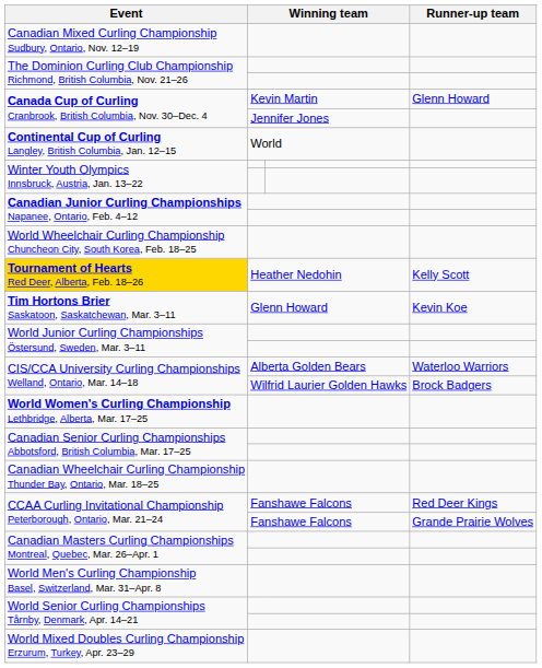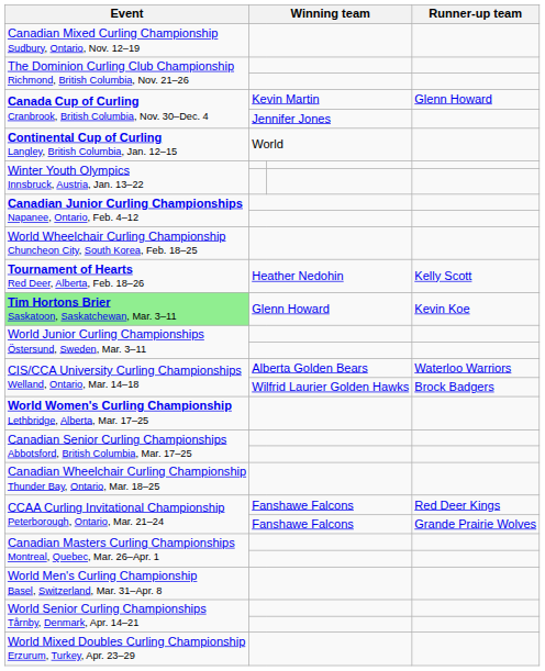 <table class="wikitable">
 <tr>
 <th>Event</th>
 <th colspan=2>Winning team</th>
 <th>Runner-up team</th>
 </tr>
 <tr>
 <td><a href='#'>Canadian Mixed Curling Championship</a> <br> <small><a href='#'>Sudbury</a>, <a href='#'>Ontario</a>, Nov. 12–19</small></td>
 <td colspan=2></td>
 <td></td>
 </tr>
 <tr>
 <td rowspan=2><a href='#'>The Dominion Curling Club Championship</a> <br> <small><a href='#'>Richmond</a>, <a href='#'>British Columbia</a>, Nov. 21–26</small></td>
 <td colspan=2></td>
 <td></td>
 </tr>
 <tr>
 <td colspan=2></td>
 <td></td>
 </tr>
 <tr>
 <td rowspan=2><strong><a href='#'>Canada Cup of Curling</a></strong> <br> <small><a href='#'>Cranbrook</a>, <a href='#'>British Columbia</a>, Nov. 30–Dec. 4</small></td>
 <td colspan=2> <a href='#'>Kevin Martin</a></td>
 <td> <a href='#'>Glenn Howard</a></td>
 </tr>
 <tr>
 <td colspan=2> <a href='#'>Jennifer Jones</a></td>
 <td></td>
 </tr>
 <tr>
 <td><strong><a href='#'>Continental Cup of Curling</a></strong> <br> <small><a href='#'>Langley</a>, <a href='#'>British Columbia</a>, Jan. 12–15</small></td>
 <td colspan=2> World</td>
 <td></td>
 </tr>
 <tr>
 <td rowspan=2><a href='#'>Winter Youth Olympics</a> <br> <small><a href='#'>Innsbruck</a>, <a href='#'>Austria</a>, Jan. 13–22</small></td>
 <td width=15><span> </span></td>
 <td></td>
 <td></td>
 </tr>
 <tr>
 <td width=15><span></span></td>
 <td><br></td>
 <td><br></td>
 </tr>
 <tr>
 <td rowspan=2><strong><a href='#'>Canadian Junior Curling Championships</a></strong> <br> <small><a href='#'>Napanee</a>, <a href='#'>Ontario</a>, Feb. 4–12</small></td>
 <td colspan=2></td>
 <td></td>
 </tr>
 <tr>
 <td colspan=2></td>
 <td></td>
 </tr>
 <tr>
 <td><a href='#'>World Wheelchair Curling Championship</a> <br> <small><a href='#'>Chuncheon City</a>, <a href='#'>South Korea</a>, Feb. 18–25</small></td>
 <td colspan=2></td>
 <td></td>
 </tr>
 <tr>
-<td style="background: gold;"><strong><a href='#'>Tournament of Hearts</a></strong> <br> <small><a href='#'>Red Deer</a>, <a href='#'>Alberta</a>, Feb. 18–26</small></td>
+<td><strong><a href='#'>Tournament of Hearts</a></strong> <br> <small><a href='#'>Red Deer</a>, <a href='#'>Alberta</a>, Feb. 18–26</small></td>
 <td colspan=2> <a href='#'>Heather Nedohin</a></td>
 <td> <a href='#'>Kelly Scott</a></td>
 </tr>
 <tr>
-<td><strong><a href='#'>Tim Hortons Brier</a></strong> <br> <small><a href='#'>Saskatoon</a>, <a href='#'>Saskatchewan</a>, Mar. 3–11</small></td>
+<td style="background: lightgreen;"><strong><a href='#'>Tim Hortons Brier</a></strong> <br> <small><a href='#'>Saskatoon</a>, <a href='#'>Saskatchewan</a>, Mar. 3–11</small></td>
 <td colspan=2> <a href='#'>Glenn Howard</a></td>
 <td> <a href='#'>Kevin Koe</a></td>
 </tr>
 <tr>
 <td rowspan=2><a href='#'>World Junior Curling Championships</a> <br> <small><a href='#'>Östersund</a>, <a href='#'>Sweden</a>, Mar. 3–11</small></td>
 <td colspan=2></td>
 <td></td>
 </tr>
 <tr>
 <td colspan=2></td>
 <td></td>
 </tr>
 <tr>
 <td rowspan=2><a href='#'>CIS/CCA University Curling Championships</a> <br> <small><a href='#'>Welland</a>, <a href='#'>Ontario</a>, Mar. 14–18</small></td>
 <td colspan=2> <a href='#'>Alberta Golden Bears</a></td>
 <td> <a href='#'>Waterloo Warriors</a></td>
 </tr>
 <tr>
 <td colspan=2> <a href='#'>Wilfrid Laurier Golden Hawks</a></td>
 <td> <a href='#'>Brock Badgers</a></td>
 </tr>
 <tr>
 <td><strong><a href='#'>World Women's Curling Championship</a></strong> <br> <small><a href='#'>Lethbridge</a>, <a href='#'>Alberta</a>, Mar. 17–25</small></td>
 <td colspan=2></td>
 <td></td>
 </tr>
 <tr>
 <td rowspan=2><a href='#'>Canadian Senior Curling Championships</a> <br> <small><a href='#'>Abbotsford</a>, <a href='#'>British Columbia</a>, Mar. 17–25</small></td>
 <td colspan=2></td>
 <td></td>
 </tr>
 <tr>
 <td colspan=2></td>
 <td></td>
 </tr>
 <tr>
 <td><a href='#'>Canadian Wheelchair Curling Championship</a> <br> <small><a href='#'>Thunder Bay</a>, <a href='#'>Ontario</a>, Mar. 18–25</small></td>
 <td colspan=2></td>
 <td></td>
 </tr>
 <tr>
 <td rowspan=2><a href='#'>CCAA Curling Invitational Championship</a> <br> <small><a href='#'>Peterborough</a>, <a href='#'>Ontario</a>, Mar. 21–24</small></td>
 <td colspan=2> <a href='#'>Fanshawe Falcons</a></td>
 <td> <a href='#'>Red Deer Kings</a></td>
 </tr>
 <tr>
 <td colspan=2> <a href='#'>Fanshawe Falcons</a></td>
 <td> <a href='#'>Grande Prairie Wolves</a></td>
 </tr>
 <tr>
 <td rowspan=2><a href='#'>Canadian Masters Curling Championships</a> <br> <small><a href='#'>Montreal</a>, <a href='#'>Quebec</a>, Mar. 26–Apr. 1</small></td>
 <td colspan=2></td>
 <td></td>
 </tr>
 <tr>
 <td colspan=2></td>
 <td></td>
 </tr>
 <tr>
 <td><a href='#'>World Men's Curling Championship</a> <br> <small><a href='#'>Basel</a>, <a href='#'>Switzerland</a>, Mar. 31–Apr. 8</small></td>
 <td colspan=2></td>
 <td></td>
 </tr>
 <tr>
 <td rowspan=2><a href='#'>World Senior Curling Championships</a> <br> <small><a href='#'>Tårnby</a>, <a href='#'>Denmark</a>, Apr. 14–21</small></td>
 <td colspan=2></td>
 <td></td>
 </tr>
 <tr>
 <td colspan=2></td>
 <td></td>
 </tr>
 <tr>
 <td><a href='#'>World Mixed Doubles Curling Championship</a> <br> <small><a href='#'>Erzurum</a>, <a href='#'>Turkey</a>, Apr. 23–29</small></td>
 <td colspan=2></td>
 <td></td>
 </tr>
 </table>
